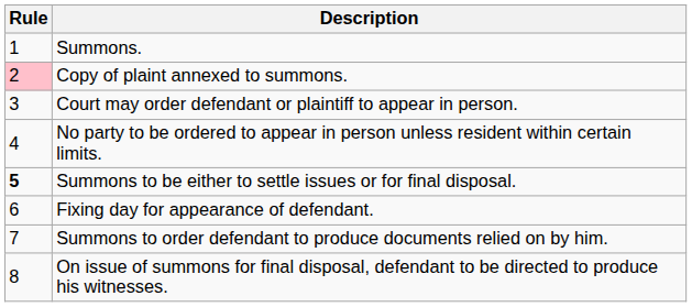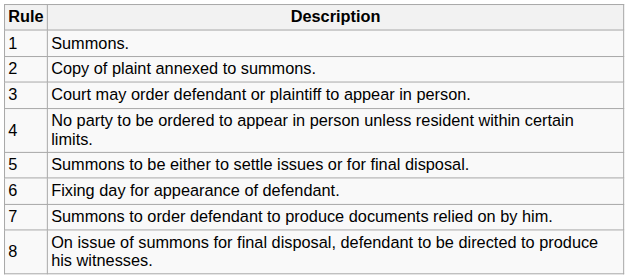 <table class="wikitable">
 <tr>
 <th>Rule</th>
 <th>Description</th>
 </tr>
 <tr>
 <td>1</td>
 <td>Summons.</td>
 </tr>
 <tr>
-<td style="background: pink;">2</td>
+<td>2</td>
 <td>Copy of plaint annexed to summons.</td>
 </tr>
 <tr>
 <td>3</td>
 <td>Court may order defendant or plaintiff to appear in person.</td>
 </tr>
 <tr>
 <td>4</td>
 <td>No party to be ordered to appear in person unless resident within certain limits.</td>
 </tr>
 <tr>
-<td><strong>5</strong></td>
+<td>5</td>
 <td>Summons to be either to settle issues or for final disposal.</td>
 </tr>
 <tr>
 <td>6</td>
 <td>Fixing day for appearance of defendant.</td>
 </tr>
 <tr>
 <td>7</td>
 <td>Summons to order defendant to produce documents relied on by him.</td>
 </tr>
 <tr>
 <td>8</td>
 <td>On issue of summons for final disposal, defendant to be directed to produce his witnesses.</td>
 </tr>
 </table>
